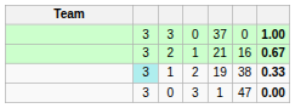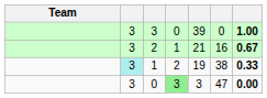 <table class="wikitable" style="text-align: center; font-size:100% ">
 <tr>
 <th width="160">Team</th>
 <th width="25"></th>
 <th width="25"></th>
 <th width="25"></th>
 <th width="25"></th>
 <th width="25"></th>
 <th width="35"></th>
 </tr>
 <tr bgcolor="ccffcc">
 <td align="left"></td>
 <td>3</td>
 <td>3</td>
 <td>0</td>
-<td>37</td>
+<td>39</td>
 <td>0</td>
 <td><strong>1.00</strong></td>
 </tr>
 <tr bgcolor="ccffcc">
 <td align="left"></td>
 <td>3</td>
 <td>2</td>
 <td>1</td>
 <td>21</td>
 <td>16</td>
 <td><strong>0.67</strong></td>
 </tr>
 <tr>
 <td align="left"></td>
 <td style="background: paleturquoise;">3</td>
 <td>1</td>
 <td>2</td>
 <td>19</td>
 <td>38</td>
 <td><strong>0.33</strong></td>
 </tr>
 <tr>
 <td align="left"></td>
 <td>3</td>
 <td>0</td>
+<td style="background: lightgreen;">3</td>
 <td>3</td>
-<td>1</td>
 <td>47</td>
 <td><strong>0.00</strong></td>
 </tr>
 </table>
